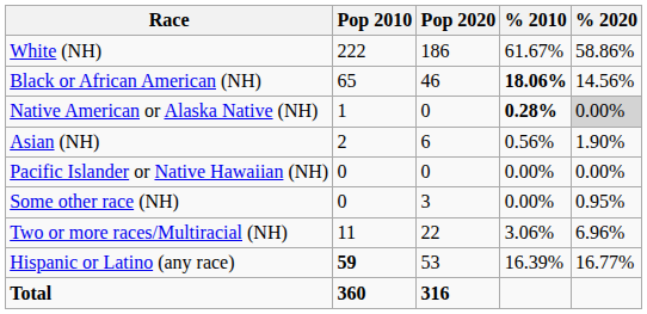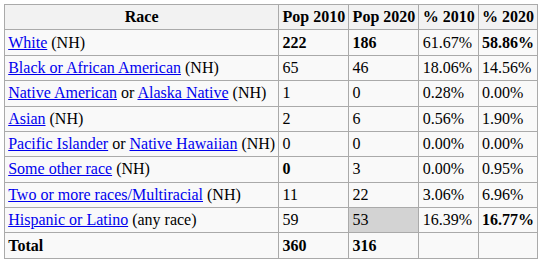 <table class="wikitable">
 <tr>
 <th>Race</th>
 <th>Pop 2010</th>
 <th>Pop 2020</th>
 <th>% 2010</th>
 <th>% 2020</th>
 </tr>
 <tr>
 <td><a href='#'>White</a> (NH)</td>
-<td>222</td>
-<td>186</td>
+<td><strong>222</strong></td>
+<td><strong>186</strong></td>
 <td>61.67%</td>
-<td>58.86%</td>
+<td><strong>58.86%</strong></td>
 </tr>
 <tr>
 <td><a href='#'>Black or African American</a> (NH)</td>
 <td>65</td>
 <td>46</td>
-<td><strong>18.06%</strong></td>
+<td>18.06%</td>
 <td>14.56%</td>
 </tr>
 <tr>
 <td><a href='#'>Native American</a> or <a href='#'>Alaska Native</a> (NH)</td>
 <td>1</td>
 <td>0</td>
-<td><strong>0.28%</strong></td>
-<td style="background: lightgrey;">0.00%</td>
+<td>0.28%</td>
+<td>0.00%</td>
 </tr>
 <tr>
 <td><a href='#'>Asian</a> (NH)</td>
 <td>2</td>
 <td>6</td>
 <td>0.56%</td>
 <td>1.90%</td>
 </tr>
 <tr>
 <td><a href='#'>Pacific Islander</a> or <a href='#'>Native Hawaiian</a> (NH)</td>
 <td>0</td>
 <td>0</td>
 <td>0.00%</td>
 <td>0.00%</td>
 </tr>
 <tr>
 <td><a href='#'>Some other race</a> (NH)</td>
-<td>0</td>
+<td><strong>0</strong></td>
 <td>3</td>
 <td>0.00%</td>
 <td>0.95%</td>
 </tr>
 <tr>
 <td><a href='#'>Two or more races/Multiracial</a> (NH)</td>
 <td>11</td>
 <td>22</td>
 <td>3.06%</td>
 <td>6.96%</td>
 </tr>
 <tr>
 <td><a href='#'>Hispanic or Latino</a> (any race)</td>
-<td><strong>59</strong></td>
-<td>53</td>
+<td>59</td>
+<td style="background: lightgrey;">53</td>
 <td>16.39%</td>
-<td>16.77%</td>
+<td><strong>16.77%</strong></td>
 </tr>
 <tr>
 <td><strong>Total</strong></td>
 <td><strong>360</strong></td>
 <td><strong>316</strong></td>
 <td></td>
 <td></td>
 </tr>
 <tr>
 </tr>
 </table>
